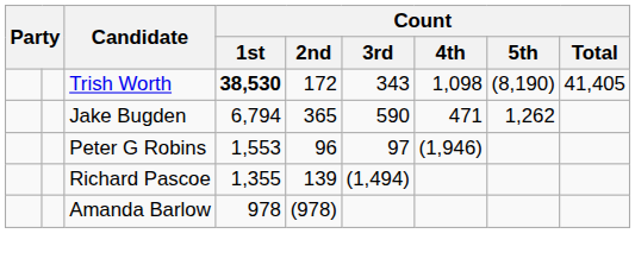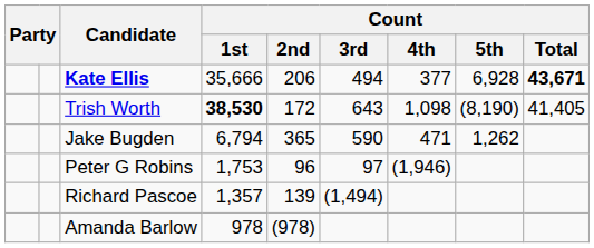 <table class="wikitable" style="text-align:right">
 <tr>
 <th rowspan="2" colspan="2">Party</th>
 <th rowspan="2">Candidate</th>
 <th colspan="6">Count</th>
 </tr>
 <tr>
 <th>1st</th>
 <th>2nd</th>
 <th>3rd</th>
 <th>4th</th>
 <th>5th</th>
 <th>Total</th>
 </tr>
 <tr>
 <td> </td>
 <td style="text-align:left"></td>
+<td style="text-align:left"><strong><a href='#'>Kate Ellis</a></strong></td>
+<td>35,666</td>
+<td>206</td>
+<td>494</td>
+<td>377</td>
+<td>6,928</td>
+<td><strong>43,671</strong></td>
+</tr>
+<tr>
+<td> </td>
+<td style="text-align:left"></td>
 <td style="text-align:left"><a href='#'>Trish Worth</a></td>
 <td><strong>38,530</strong></td>
 <td>172</td>
-<td>343</td>
+<td>643</td>
 <td>1,098</td>
 <td>(8,190)</td>
 <td>41,405</td>
 </tr>
 <tr>
 <td> </td>
 <td style="text-align:left"></td>
 <td style="text-align:left">Jake Bugden</td>
 <td>6,794</td>
 <td>365</td>
 <td>590</td>
 <td>471</td>
 <td>1,262</td>
 <td> </td>
 </tr>
 <tr>
 <td> </td>
 <td style="text-align:left"></td>
 <td style="text-align:left">Peter G Robins</td>
-<td>1,553</td>
+<td>1,753</td>
 <td>96</td>
 <td>97</td>
 <td>(1,946)</td>
 <td> </td>
 <td> </td>
 </tr>
 <tr>
 <td> </td>
 <td style="text-align:left"></td>
 <td style="text-align:left">Richard Pascoe</td>
-<td>1,355</td>
+<td>1,357</td>
 <td>139</td>
 <td>(1,494)</td>
 <td> </td>
 <td> </td>
 <td> </td>
 </tr>
 <tr>
 <td> </td>
 <td style="text-align:left"></td>
 <td style="text-align:left">Amanda Barlow</td>
 <td>978</td>
 <td>(978)</td>
 <td> </td>
 <td> </td>
 <td> </td>
 <td> </td>
 </tr>
 </table>
